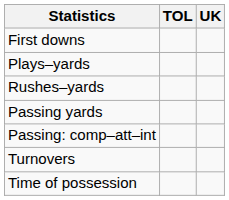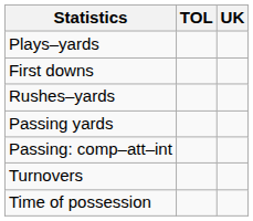 <table class="wikitable" style="float:left">
 <tr>
 <th>Statistics</th>
 <th>TOL</th>
 <th>UK</th>
 </tr>
 <tr>
-<td>First downs</td>
+<td>Plays–yards</td>
 <td></td>
 <td></td>
 </tr>
 <tr>
-<td>Plays–yards</td>
+<td>First downs</td>
 <td></td>
 <td></td>
 </tr>
 <tr>
 <td>Rushes–yards</td>
 <td></td>
 <td></td>
 </tr>
 <tr>
 <td>Passing yards</td>
 <td></td>
 <td></td>
 </tr>
 <tr>
 <td>Passing: comp–att–int</td>
 <td></td>
 <td></td>
 </tr>
 <tr>
 <td>Turnovers</td>
 <td></td>
 <td></td>
 </tr>
 <tr>
 <td>Time of possession</td>
 <td></td>
 <td></td>
 </tr>
 </table>
